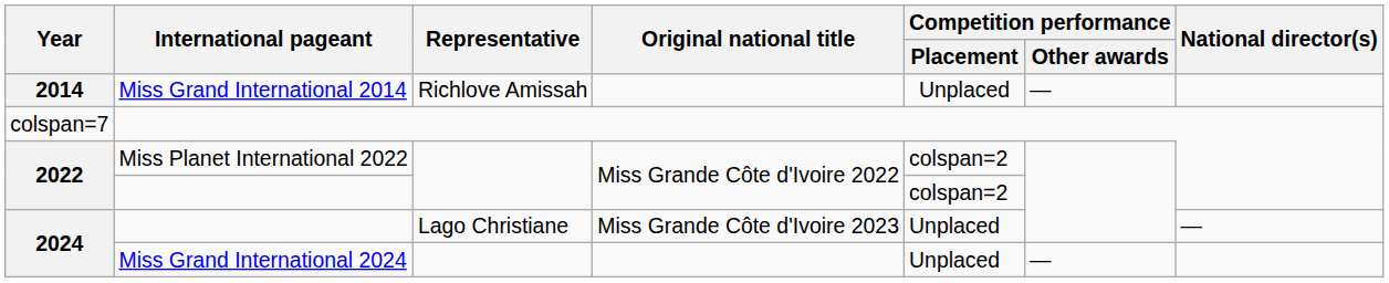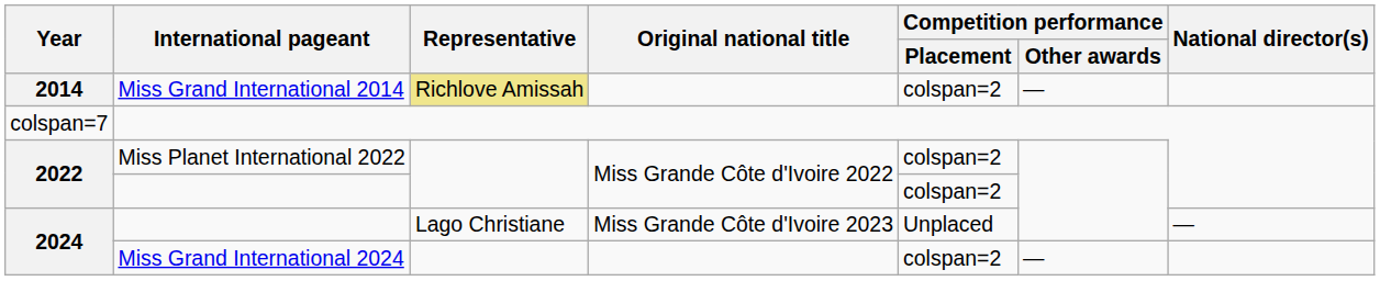 <table class="wikitable defaultcenter col3left col7left" style="font-size:90%;">
 <tr>
 <th rowspan=2>Year</th>
 <th rowspan=2>International pageant</th>
 <th rowspan=2>Representative</th>
 <th rowspan=2>Original national title</th>
 <th colspan=2>Competition performance</th>
 <th rowspan=2>National director(s)</th>
 </tr>
 <tr>
 <th>Placement</th>
 <th>Other awards</th>
 </tr>
 <tr>
 <th>2014</th>
 <td><a href='#'>Miss Grand International 2014</a></td>
-<td>Richlove Amissah</td>
+<td style="background: khaki;">Richlove Amissah</td>
 <td></td>
-<td align=center>Unplaced</td>
+<td>colspan=2 </td>
 <td>—</td>
 <td></td>
 </tr>
 <tr>
 <td>colspan=7 </td>
 </tr>
 <tr>
 <th rowspan=2>2022</th>
 <td>Miss Planet International 2022</td>
 <td rowspan=2></td>
 <td rowspan=2>Miss Grande Côte d'Ivoire 2022</td>
 <td>colspan=2 </td>
 <td rowspan=3></td>
 </tr>
 <tr>
 <td></td>
 <td>colspan=2 </td>
 </tr>
 <tr>
 <th rowspan=2>2024</th>
 <td></td>
 <td>Lago Christiane</td>
 <td>Miss Grande Côte d'Ivoire 2023</td>
 <td>Unplaced</td>
 <td>—</td>
 </tr>
 <tr>
 <td><a href='#'>Miss Grand International 2024</a></td>
 <td></td>
 <td></td>
-<td>Unplaced</td>
+<td>colspan=2 </td>
 <td>—</td>
 <td></td>
 </tr>
 </table>
